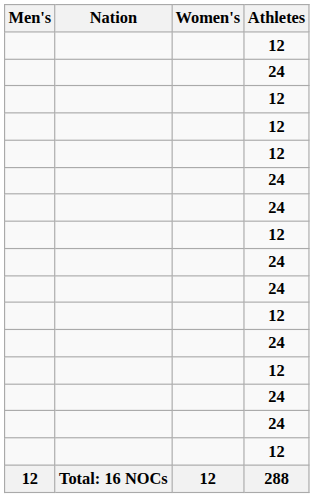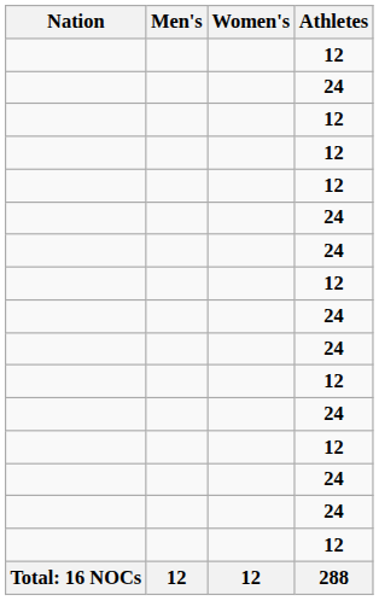 <table class="wikitable sortable" style="text-align:center; font-size:90%">
 <tr>
+<th>Nation</th>
 <th>Men's</th>
-<th>Nation</th>
 <th>Women's</th>
 <th>Athletes</th>
 </tr>
 <tr>
+<td style="text-align:left;"></td>
 <td></td>
-<td style="text-align:left;"></td>
 <td></td>
 <td><strong>12</strong></td>
 </tr>
 <tr>
+<td style="text-align:left;"></td>
 <td></td>
-<td style="text-align:left;"></td>
 <td></td>
 <td><strong>24</strong></td>
 </tr>
 <tr>
+<td style="text-align:left;"></td>
 <td></td>
-<td style="text-align:left;"></td>
 <td></td>
 <td><strong>12</strong></td>
 </tr>
 <tr>
+<td style="text-align:left;"></td>
 <td></td>
-<td style="text-align:left;"></td>
 <td></td>
 <td><strong>12</strong></td>
 </tr>
 <tr>
+<td style="text-align:left;"></td>
 <td></td>
-<td style="text-align:left;"></td>
 <td></td>
 <td><strong>12</strong></td>
 </tr>
 <tr>
+<td style="text-align:left;"></td>
 <td></td>
-<td style="text-align:left;"></td>
 <td></td>
 <td><strong>24</strong></td>
 </tr>
 <tr>
+<td style="text-align:left;"></td>
 <td></td>
-<td style="text-align:left;"></td>
 <td></td>
 <td><strong>24</strong></td>
 </tr>
 <tr>
+<td style="text-align:left;"></td>
 <td></td>
-<td style="text-align:left;"></td>
 <td></td>
 <td><strong>12</strong></td>
 </tr>
 <tr>
+<td style="text-align:left;"></td>
 <td></td>
-<td style="text-align:left;"></td>
 <td></td>
 <td><strong>24</strong></td>
 </tr>
 <tr>
+<td style="text-align:left;"></td>
 <td></td>
-<td style="text-align:left;"></td>
 <td></td>
 <td><strong>24</strong></td>
 </tr>
 <tr>
+<td style="text-align:left;"></td>
 <td></td>
-<td style="text-align:left;"></td>
 <td></td>
 <td><strong>12</strong></td>
 </tr>
 <tr>
+<td style="text-align:left;"></td>
 <td></td>
-<td style="text-align:left;"></td>
 <td></td>
 <td><strong>24</strong></td>
 </tr>
 <tr>
+<td style="text-align:left;"></td>
 <td></td>
-<td style="text-align:left;"></td>
 <td></td>
 <td><strong>12</strong></td>
 </tr>
 <tr>
+<td style="text-align:left;"></td>
 <td></td>
-<td style="text-align:left;"></td>
 <td></td>
 <td><strong>24</strong></td>
 </tr>
 <tr>
+<td style="text-align:left;"></td>
 <td></td>
-<td style="text-align:left;"></td>
 <td></td>
 <td><strong>24</strong></td>
 </tr>
 <tr>
+<td style="text-align:left;"></td>
 <td></td>
-<td style="text-align:left;"></td>
 <td></td>
 <td><strong>12</strong></td>
 </tr>
 <tr>
+<th>Total: 16 NOCs</th>
 <th>12</th>
-<th>Total: 16 NOCs</th>
 <th>12</th>
 <th>288</th>
 </tr>
 </table>
